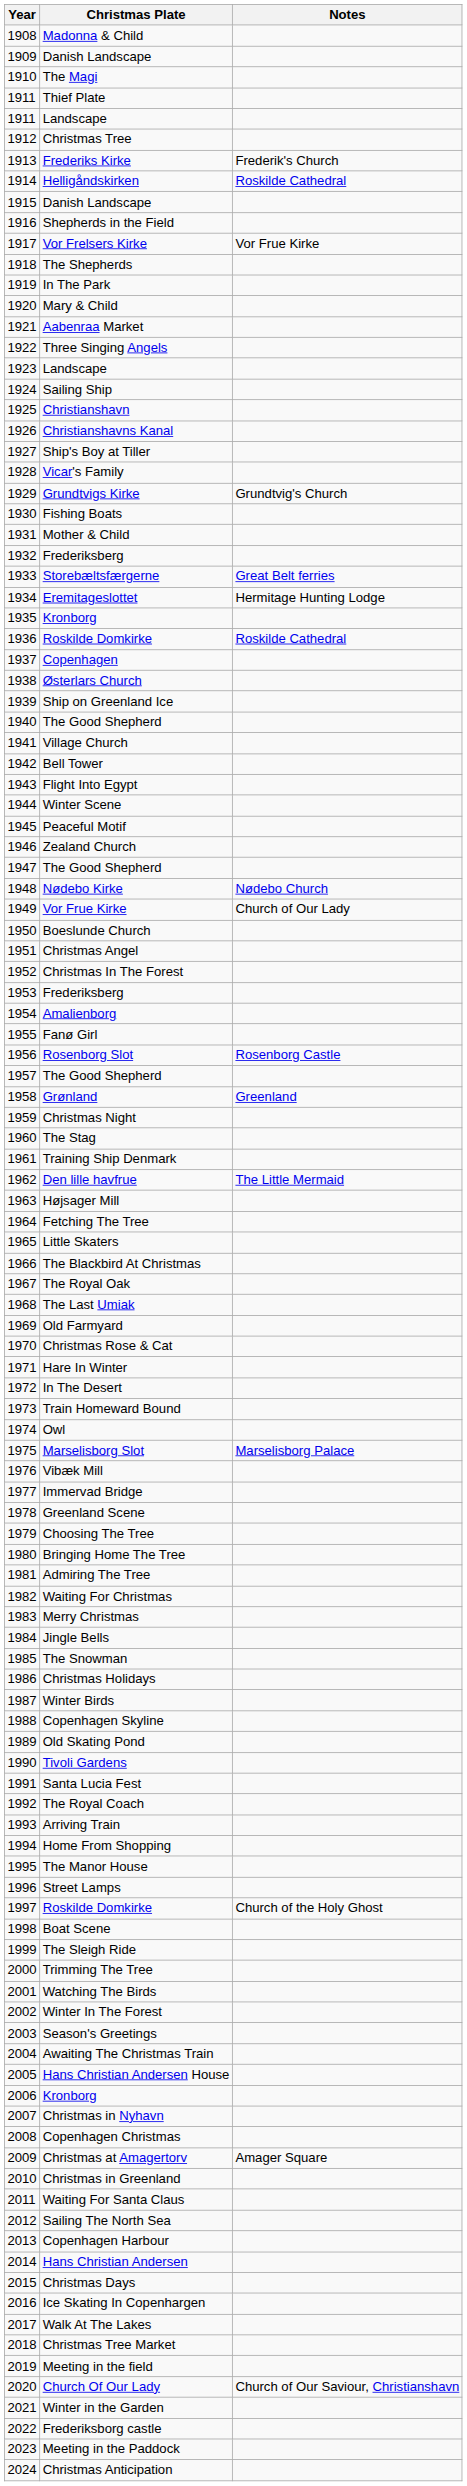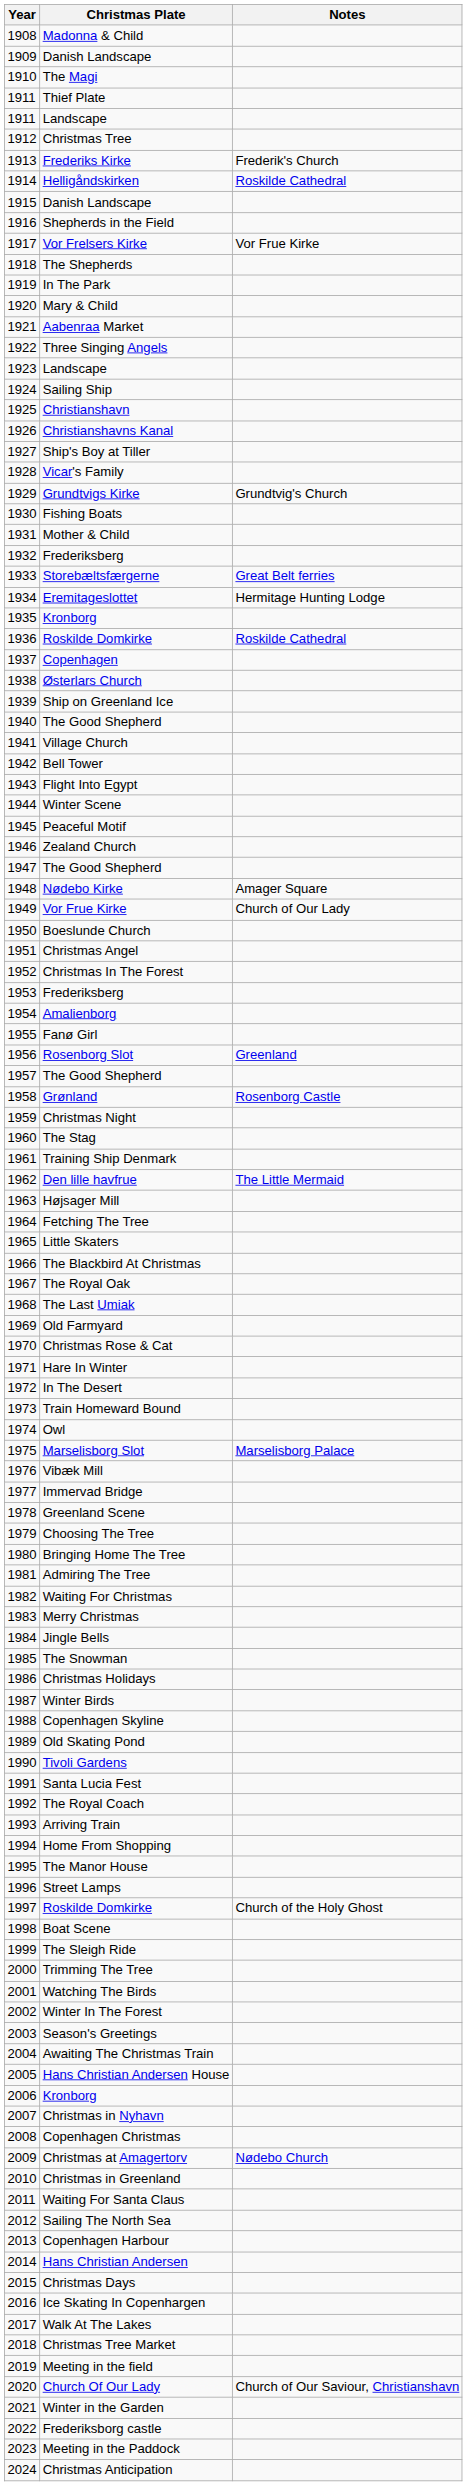 <table class="wikitable">
 <tr>
 <th>Year</th>
 <th>Christmas Plate</th>
 <th>Notes</th>
 </tr>
 <tr>
 <td>1908</td>
 <td><a href='#'>Madonna</a> & Child</td>
 <td></td>
 </tr>
 <tr>
 <td>1909</td>
 <td>Danish Landscape</td>
 <td></td>
 </tr>
 <tr>
 <td>1910</td>
 <td>The <a href='#'>Magi</a></td>
 <td></td>
 </tr>
 <tr>
 <td>1911</td>
 <td>Thief Plate</td>
 <td></td>
 </tr>
 <tr>
 <td>1911</td>
 <td>Landscape</td>
 <td></td>
 </tr>
 <tr>
 <td>1912</td>
 <td>Christmas Tree</td>
 <td></td>
 </tr>
 <tr>
 <td>1913</td>
 <td><a href='#'>Frederiks Kirke</a></td>
 <td>Frederik's Church</td>
 </tr>
 <tr>
 <td>1914</td>
 <td><a href='#'>Helligåndskirken</a></td>
 <td><a href='#'>Roskilde Cathedral</a></td>
 </tr>
 <tr>
 <td>1915</td>
 <td>Danish Landscape</td>
 <td></td>
 </tr>
 <tr>
 <td>1916</td>
 <td>Shepherds in the Field</td>
 <td></td>
 </tr>
 <tr>
 <td>1917</td>
 <td><a href='#'>Vor Frelsers Kirke</a></td>
 <td>Vor Frue Kirke</td>
 </tr>
 <tr>
 <td>1918</td>
 <td>The Shepherds</td>
 <td></td>
 </tr>
 <tr>
 <td>1919</td>
 <td>In The Park</td>
 <td></td>
 </tr>
 <tr>
 <td>1920</td>
 <td>Mary & Child</td>
 <td></td>
 </tr>
 <tr>
 <td>1921</td>
 <td><a href='#'>Aabenraa</a> Market</td>
 <td></td>
 </tr>
 <tr>
 <td>1922</td>
 <td>Three Singing <a href='#'>Angels</a></td>
 <td></td>
 </tr>
 <tr>
 <td>1923</td>
 <td>Landscape</td>
 <td></td>
 </tr>
 <tr>
 <td>1924</td>
 <td>Sailing Ship</td>
 <td></td>
 </tr>
 <tr>
 <td>1925</td>
 <td><a href='#'>Christianshavn</a></td>
 <td></td>
 </tr>
 <tr>
 <td>1926</td>
 <td><a href='#'>Christianshavns Kanal</a></td>
 <td></td>
 </tr>
 <tr>
 <td>1927</td>
 <td>Ship's Boy at Tiller</td>
 <td></td>
 </tr>
 <tr>
 <td>1928</td>
 <td><a href='#'>Vicar</a>'s Family</td>
 <td></td>
 </tr>
 <tr>
 <td>1929</td>
 <td><a href='#'>Grundtvigs Kirke</a></td>
 <td>Grundtvig's Church</td>
 </tr>
 <tr>
 <td>1930</td>
 <td>Fishing Boats</td>
 <td></td>
 </tr>
 <tr>
 <td>1931</td>
 <td>Mother & Child</td>
 <td></td>
 </tr>
 <tr>
 <td>1932</td>
 <td>Frederiksberg</td>
 <td></td>
 </tr>
 <tr>
 <td>1933</td>
 <td><a href='#'>Storebæltsfærgerne</a></td>
 <td><a href='#'>Great Belt ferries</a></td>
 </tr>
 <tr>
 <td>1934</td>
 <td><a href='#'>Eremitageslottet</a></td>
 <td>Hermitage Hunting Lodge</td>
 </tr>
 <tr>
 <td>1935</td>
 <td><a href='#'>Kronborg</a></td>
 <td></td>
 </tr>
 <tr>
 <td>1936</td>
 <td><a href='#'>Roskilde Domkirke</a></td>
 <td><a href='#'>Roskilde Cathedral</a></td>
 </tr>
 <tr>
 <td>1937</td>
 <td><a href='#'>Copenhagen</a></td>
 <td></td>
 </tr>
 <tr>
 <td>1938</td>
 <td><a href='#'>Østerlars Church</a></td>
 <td></td>
 </tr>
 <tr>
 <td>1939</td>
 <td>Ship on Greenland Ice</td>
 <td></td>
 </tr>
 <tr>
 <td>1940</td>
 <td>The Good Shepherd</td>
 <td></td>
 </tr>
 <tr>
 <td>1941</td>
 <td>Village Church</td>
 <td></td>
 </tr>
 <tr>
 <td>1942</td>
 <td>Bell Tower</td>
 <td></td>
 </tr>
 <tr>
 <td>1943</td>
 <td>Flight Into Egypt</td>
 <td></td>
 </tr>
 <tr>
 <td>1944</td>
 <td>Winter Scene</td>
 <td></td>
 </tr>
 <tr>
 <td>1945</td>
 <td>Peaceful Motif</td>
 <td></td>
 </tr>
 <tr>
 <td>1946</td>
 <td>Zealand Church</td>
 <td></td>
 </tr>
 <tr>
 <td>1947</td>
 <td>The Good Shepherd</td>
 <td></td>
 </tr>
 <tr>
 <td>1948</td>
 <td><a href='#'>Nødebo Kirke</a></td>
-<td><a href='#'>Nødebo Church</a></td>
+<td>Amager Square</td>
 </tr>
 <tr>
 <td>1949</td>
 <td><a href='#'>Vor Frue Kirke</a></td>
 <td>Church of Our Lady</td>
 </tr>
 <tr>
 <td>1950</td>
 <td>Boeslunde Church</td>
 <td></td>
 </tr>
 <tr>
 <td>1951</td>
 <td>Christmas Angel</td>
 <td></td>
 </tr>
 <tr>
 <td>1952</td>
 <td>Christmas In The Forest</td>
 <td></td>
 </tr>
 <tr>
 <td>1953</td>
 <td>Frederiksberg</td>
 <td></td>
 </tr>
 <tr>
 <td>1954</td>
 <td><a href='#'>Amalienborg</a></td>
 <td></td>
 </tr>
 <tr>
 <td>1955</td>
 <td>Fanø Girl</td>
 <td></td>
 </tr>
 <tr>
 <td>1956</td>
 <td><a href='#'>Rosenborg Slot</a></td>
-<td><a href='#'>Rosenborg Castle</a></td>
+<td><a href='#'>Greenland</a></td>
 </tr>
 <tr>
 <td>1957</td>
 <td>The Good Shepherd</td>
 <td></td>
 </tr>
 <tr>
 <td>1958</td>
 <td><a href='#'>Grønland</a></td>
-<td><a href='#'>Greenland</a></td>
+<td><a href='#'>Rosenborg Castle</a></td>
 </tr>
 <tr>
 <td>1959</td>
 <td>Christmas Night</td>
 <td></td>
 </tr>
 <tr>
 <td>1960</td>
 <td>The Stag</td>
 <td></td>
 </tr>
 <tr>
 <td>1961</td>
 <td>Training Ship Denmark</td>
 <td></td>
 </tr>
 <tr>
 <td>1962</td>
 <td><a href='#'>Den lille havfrue</a></td>
 <td><a href='#'>The Little Mermaid</a></td>
 </tr>
 <tr>
 <td>1963</td>
 <td>Højsager Mill</td>
 <td></td>
 </tr>
 <tr>
 <td>1964</td>
 <td>Fetching The Tree</td>
 <td></td>
 </tr>
 <tr>
 <td>1965</td>
 <td>Little Skaters</td>
 <td></td>
 </tr>
 <tr>
 <td>1966</td>
 <td>The Blackbird At Christmas</td>
 <td></td>
 </tr>
 <tr>
 <td>1967</td>
 <td>The Royal Oak</td>
 <td></td>
 </tr>
 <tr>
 <td>1968</td>
 <td>The Last <a href='#'>Umiak</a></td>
 <td></td>
 </tr>
 <tr>
 <td>1969</td>
 <td>Old Farmyard</td>
 <td></td>
 </tr>
 <tr>
 <td>1970</td>
 <td>Christmas Rose & Cat</td>
 <td></td>
 </tr>
 <tr>
 <td>1971</td>
 <td>Hare In Winter</td>
 <td></td>
 </tr>
 <tr>
 <td>1972</td>
 <td>In The Desert</td>
 <td></td>
 </tr>
 <tr>
 <td>1973</td>
 <td>Train Homeward Bound</td>
 <td></td>
 </tr>
 <tr>
 <td>1974</td>
 <td>Owl</td>
 <td></td>
 </tr>
 <tr>
 <td>1975</td>
 <td><a href='#'>Marselisborg Slot</a></td>
 <td><a href='#'>Marselisborg Palace</a></td>
 </tr>
 <tr>
 <td>1976</td>
 <td>Vibæk Mill</td>
 <td></td>
 </tr>
 <tr>
 <td>1977</td>
 <td>Immervad Bridge</td>
 <td></td>
 </tr>
 <tr>
 <td>1978</td>
 <td>Greenland Scene</td>
 <td></td>
 </tr>
 <tr>
 <td>1979</td>
 <td>Choosing The Tree</td>
 <td></td>
 </tr>
 <tr>
 <td>1980</td>
 <td>Bringing Home The Tree</td>
 <td></td>
 </tr>
 <tr>
 <td>1981</td>
 <td>Admiring The Tree</td>
 <td></td>
 </tr>
 <tr>
 <td>1982</td>
 <td>Waiting For Christmas</td>
 <td></td>
 </tr>
 <tr>
 <td>1983</td>
 <td>Merry Christmas</td>
 <td></td>
 </tr>
 <tr>
 <td>1984</td>
 <td>Jingle Bells</td>
 <td></td>
 </tr>
 <tr>
 <td>1985</td>
 <td>The Snowman</td>
 <td></td>
 </tr>
 <tr>
 <td>1986</td>
 <td>Christmas Holidays</td>
 <td></td>
 </tr>
 <tr>
 <td>1987</td>
 <td>Winter Birds</td>
 <td></td>
 </tr>
 <tr>
 <td>1988</td>
 <td>Copenhagen Skyline</td>
 <td></td>
 </tr>
 <tr>
 <td>1989</td>
 <td>Old Skating Pond</td>
 <td></td>
 </tr>
 <tr>
 <td>1990</td>
 <td><a href='#'>Tivoli Gardens</a></td>
 <td></td>
 </tr>
 <tr>
 <td>1991</td>
 <td>Santa Lucia Fest</td>
 <td></td>
 </tr>
 <tr>
 <td>1992</td>
 <td>The Royal Coach</td>
 <td></td>
 </tr>
 <tr>
 <td>1993</td>
 <td>Arriving Train</td>
 <td></td>
 </tr>
 <tr>
 <td>1994</td>
 <td>Home From Shopping</td>
 <td></td>
 </tr>
 <tr>
 <td>1995</td>
 <td>The Manor House</td>
 <td></td>
 </tr>
 <tr>
 <td>1996</td>
 <td>Street Lamps</td>
 <td></td>
 </tr>
 <tr>
 <td>1997</td>
 <td><a href='#'>Roskilde Domkirke</a></td>
 <td>Church of the Holy Ghost</td>
 </tr>
 <tr>
 <td>1998</td>
 <td>Boat Scene</td>
 <td></td>
 </tr>
 <tr>
 <td>1999</td>
 <td>The Sleigh Ride</td>
 <td></td>
 </tr>
 <tr>
 <td>2000</td>
 <td>Trimming The Tree</td>
 <td></td>
 </tr>
 <tr>
 <td>2001</td>
 <td>Watching The Birds</td>
 <td></td>
 </tr>
 <tr>
 <td>2002</td>
 <td>Winter In The Forest</td>
 <td></td>
 </tr>
 <tr>
 <td>2003</td>
 <td>Season's Greetings</td>
 <td></td>
 </tr>
 <tr>
 <td>2004</td>
 <td>Awaiting The Christmas Train</td>
 <td></td>
 </tr>
 <tr>
 <td>2005</td>
 <td><a href='#'>Hans Christian Andersen</a> House</td>
 <td></td>
 </tr>
 <tr>
 <td>2006</td>
 <td><a href='#'>Kronborg</a></td>
 <td></td>
 </tr>
 <tr>
 <td>2007</td>
 <td>Christmas in <a href='#'>Nyhavn</a></td>
 <td></td>
 </tr>
 <tr>
 <td>2008</td>
 <td>Copenhagen Christmas</td>
 <td></td>
 </tr>
 <tr>
 <td>2009</td>
 <td>Christmas at <a href='#'>Amagertorv</a></td>
-<td>Amager Square</td>
+<td><a href='#'>Nødebo Church</a></td>
 </tr>
 <tr>
 <td>2010</td>
 <td>Christmas in Greenland</td>
 <td></td>
 </tr>
 <tr>
 <td>2011</td>
 <td>Waiting For Santa Claus</td>
 <td></td>
 </tr>
 <tr>
 <td>2012</td>
 <td>Sailing The North Sea</td>
 <td></td>
 </tr>
 <tr>
 <td>2013</td>
 <td>Copenhagen Harbour</td>
 <td></td>
 </tr>
 <tr>
 <td>2014</td>
 <td><a href='#'>Hans Christian Andersen</a></td>
 <td></td>
 </tr>
 <tr>
 <td>2015</td>
 <td>Christmas Days</td>
 <td></td>
 </tr>
 <tr>
 <td>2016</td>
 <td>Ice Skating In Copenhargen</td>
 <td></td>
 </tr>
 <tr>
 <td>2017</td>
 <td>Walk At The Lakes</td>
 <td></td>
 </tr>
 <tr>
 <td>2018</td>
 <td>Christmas Tree Market</td>
 <td></td>
 </tr>
 <tr>
 <td>2019</td>
 <td>Meeting in the field</td>
 <td></td>
 </tr>
 <tr>
 <td>2020</td>
 <td><a href='#'>Church Of Our Lady</a></td>
 <td>Church of Our Saviour, <a href='#'>Christianshavn</a></td>
 </tr>
 <tr>
 <td>2021</td>
 <td>Winter in the Garden</td>
 <td></td>
 </tr>
 <tr>
 <td>2022</td>
 <td>Frederiksborg castle</td>
 <td></td>
 </tr>
 <tr>
 <td>2023</td>
 <td>Meeting in the Paddock</td>
 <td></td>
 </tr>
 <tr>
 <td>2024</td>
 <td>Christmas Anticipation</td>
 <td></td>
 </tr>
 </table>
